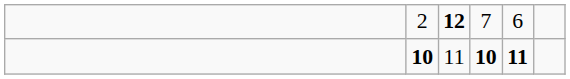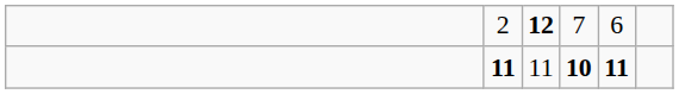 <table class="wikitable">
 <tr>
 <td style="width:18em"></td>
 <td align=center style="width:1em">2</td>
 <td align=center style="width:1em"><strong>12</strong></td>
 <td align=center style="width:1em">7</td>
 <td align=center style="width:1em">6</td>
 <td align=center style="width:1em"></td>
 </tr>
 <tr>
 <td style="width:18em"></td>
-<td align=center style="width:1em"><strong>10</strong></td>
+<td align=center style="width:1em"><strong>11</strong></td>
 <td align=center style="width:1em">11</td>
 <td align=center style="width:1em"><strong>10</strong></td>
 <td align=center style="width:1em"><strong>11</strong></td>
 <td align=center style="width:1em"></td>
 </tr>
 </table>
